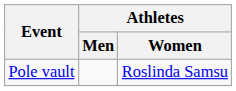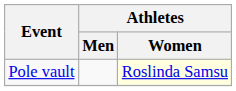 <table class=wikitable style="font-size:90%">
 <tr>
 <th rowspan=2>Event</th>
 <th colspan=2>Athletes</th>
 </tr>
 <tr>
 <th>Men</th>
 <th>Women</th>
 </tr>
 <tr>
 <td><a href='#'>Pole vault</a></td>
 <td></td>
-<td><a href='#'>Roslinda Samsu</a></td>
+<td style="background: lightyellow;"><a href='#'>Roslinda Samsu</a></td>
 </tr>
 <tr>
 </tr>
 </table>
